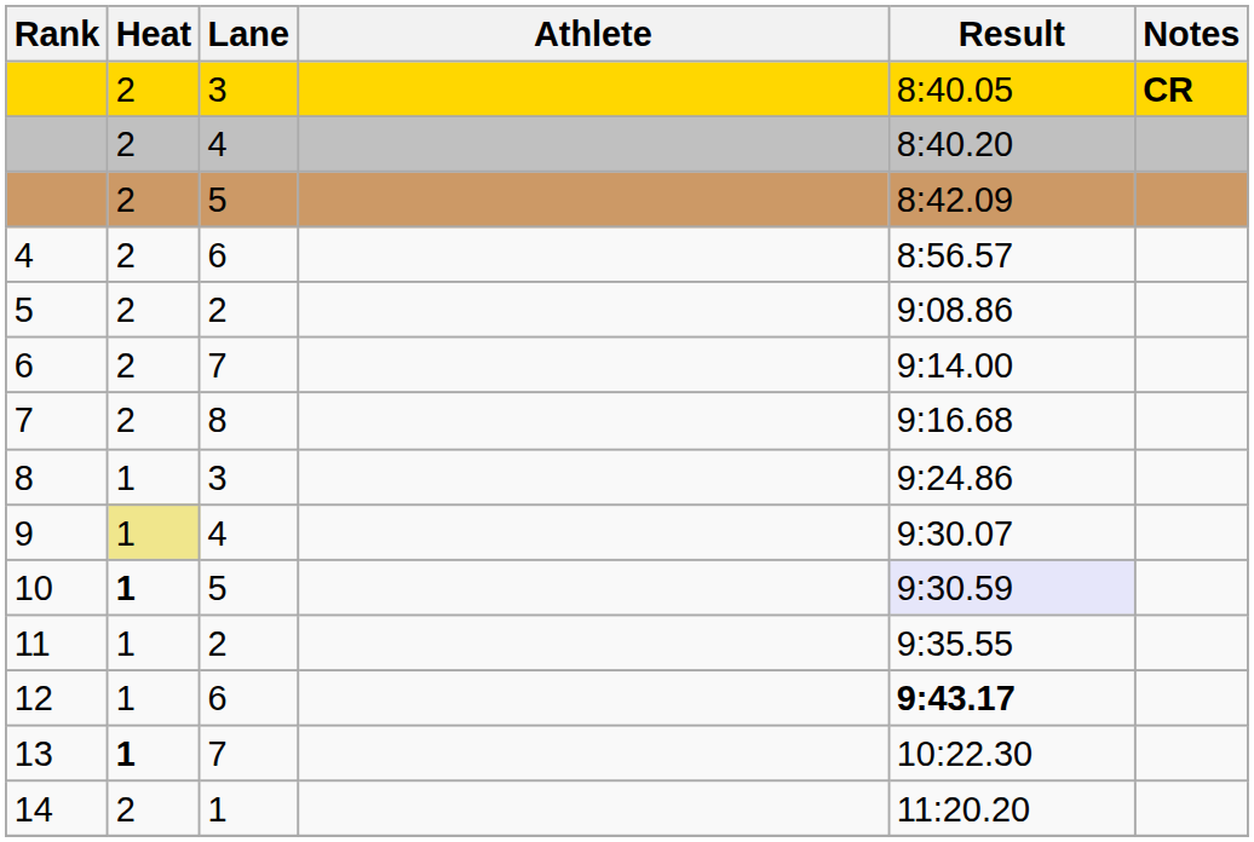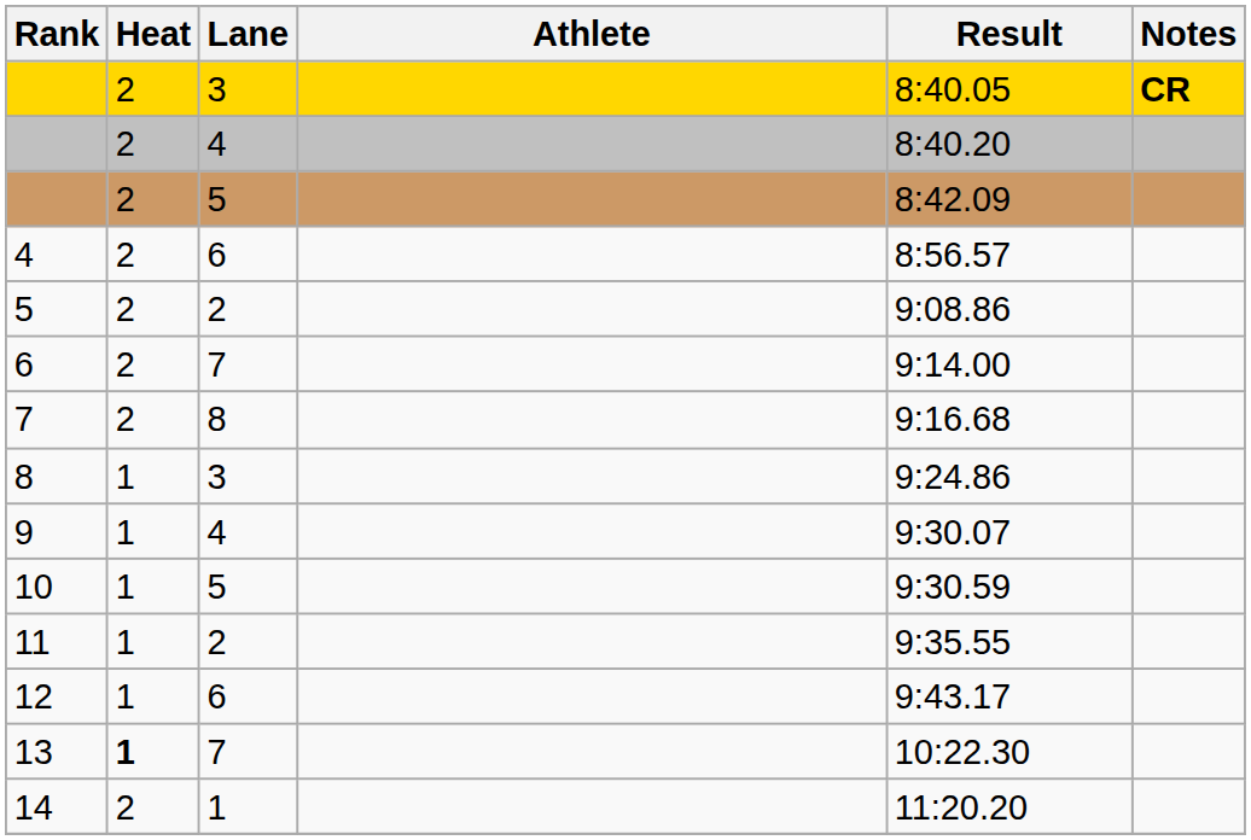 <table class="wikitable" style="font-size:95%" style="width:35em;" style="text-align:center">
 <tr>
 <th>Rank</th>
 <th>Heat</th>
 <th>Lane</th>
 <th width=250>Athlete</th>
 <th width=100>Result</th>
 <th>Notes</th>
 </tr>
 <tr bgcolor=gold>
 <td></td>
 <td>2</td>
 <td>3</td>
 <td align=left></td>
 <td>8:40.05</td>
 <td><strong>CR</strong></td>
 </tr>
 <tr bgcolor=silver>
 <td></td>
 <td>2</td>
 <td>4</td>
 <td align=left></td>
 <td>8:40.20</td>
 <td></td>
 </tr>
 <tr bgcolor=cc9966>
 <td></td>
 <td>2</td>
 <td>5</td>
 <td align=left></td>
 <td>8:42.09</td>
 <td></td>
 </tr>
 <tr>
 <td>4</td>
 <td>2</td>
 <td>6</td>
 <td align=left></td>
 <td>8:56.57</td>
 <td></td>
 </tr>
 <tr>
 <td>5</td>
 <td>2</td>
 <td>2</td>
 <td align=left></td>
 <td>9:08.86</td>
 <td></td>
 </tr>
 <tr>
 <td>6</td>
 <td>2</td>
 <td>7</td>
 <td align=left></td>
 <td>9:14.00</td>
 <td></td>
 </tr>
 <tr>
 <td>7</td>
 <td>2</td>
 <td>8</td>
 <td align=left></td>
 <td>9:16.68</td>
 <td></td>
 </tr>
 <tr>
 <td>8</td>
 <td>1</td>
 <td>3</td>
 <td align=left></td>
 <td>9:24.86</td>
 <td></td>
 </tr>
 <tr>
 <td>9</td>
-<td style="background: khaki;">1</td>
+<td>1</td>
 <td>4</td>
 <td align=left></td>
 <td>9:30.07</td>
 <td></td>
 </tr>
 <tr>
 <td>10</td>
-<td><strong>1</strong></td>
+<td>1</td>
 <td>5</td>
 <td align=left></td>
-<td style="background: lavender;">9:30.59</td>
+<td>9:30.59</td>
 <td></td>
 </tr>
 <tr>
 <td>11</td>
 <td>1</td>
 <td>2</td>
 <td align=left></td>
 <td>9:35.55</td>
 <td></td>
 </tr>
 <tr>
 <td>12</td>
 <td>1</td>
 <td>6</td>
 <td align=left></td>
-<td><strong>9:43.17</strong></td>
+<td>9:43.17</td>
 <td></td>
 </tr>
 <tr>
 <td>13</td>
 <td><strong>1</strong></td>
 <td>7</td>
 <td align=left></td>
 <td>10:22.30</td>
 <td></td>
 </tr>
 <tr>
 <td>14</td>
 <td>2</td>
 <td>1</td>
 <td align=left></td>
 <td>11:20.20</td>
 <td></td>
 </tr>
 <tr>
 </tr>
 </table>
